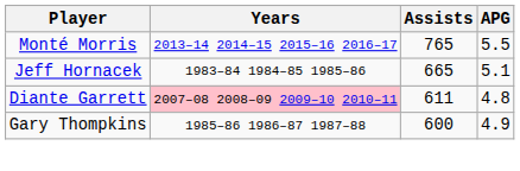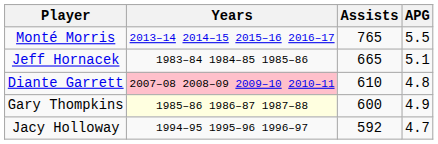 <table class="wikitable" style="text-align: center">
 <tr align=center>
 <th>Player</th>
 <th>Years</th>
 <th>Assists</th>
 <th>APG</th>
 </tr>
 <tr>
 <td><a href='#'>Monté Morris</a></td>
 <td style="font-size:80%;"><a href='#'>2013–14</a> <a href='#'>2014–15</a> <a href='#'>2015–16</a> <a href='#'>2016–17</a></td>
 <td>765</td>
 <td>5.5</td>
 </tr>
 <tr>
 <td><a href='#'>Jeff Hornacek</a></td>
 <td style="font-size:80%;">1983–84 1984–85 1985–86</td>
 <td>665</td>
 <td>5.1</td>
 </tr>
 <tr>
 <td><a href='#'>Diante Garrett</a></td>
 <td style="background: pink; font-size:80%;">2007–08 2008–09 <a href='#'>2009–10</a> <a href='#'>2010–11</a></td>
-<td>611</td>
+<td>610</td>
 <td>4.8</td>
 </tr>
 <tr>
 <td>Gary Thompkins</td>
-<td style="font-size:80%;">1985–86 1986–87 1987–88</td>
+<td style="background: lightyellow; font-size:80%;">1985–86 1986–87 1987–88</td>
 <td>600</td>
 <td>4.9</td>
 </tr>
+<tr>
+<td>Jacy Holloway</td>
+<td style="font-size:80%;">1994–95 1995–96 1996–97</td>
+<td>592</td>
+<td>4.7</td>
+</tr>
 </table>
